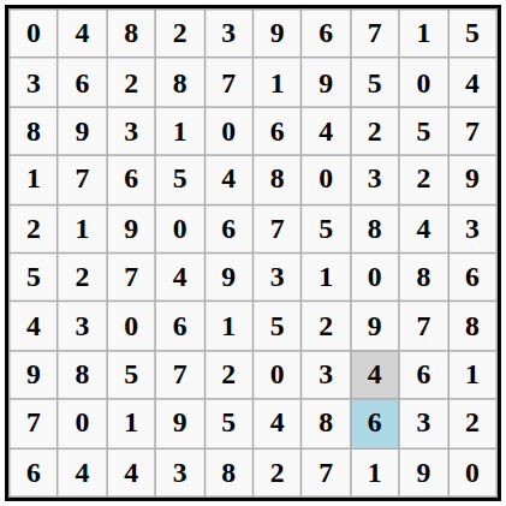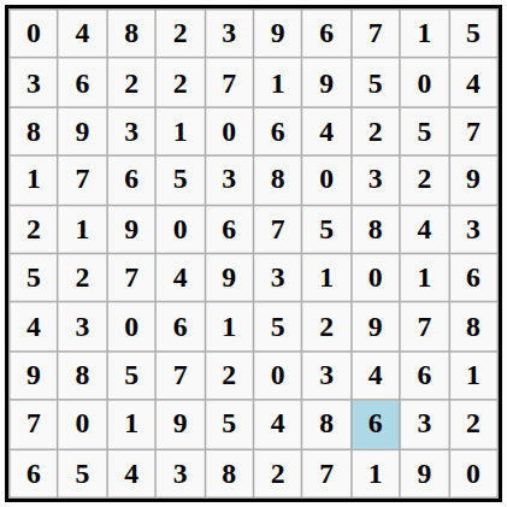 <table class="wikitable" style="text-align:center;font-weight:bold;width:275px;height:275px;outline:2px solid;">
 <tr>
 <td>0</td>
 <td>4</td>
 <td>8</td>
 <td>2</td>
 <td>3</td>
 <td>9</td>
 <td>6</td>
 <td>7</td>
 <td>1</td>
 <td>5</td>
 </tr>
 <tr>
 <td>3</td>
 <td>6</td>
 <td>2</td>
-<td>8</td>
+<td>2</td>
 <td>7</td>
 <td>1</td>
 <td>9</td>
 <td>5</td>
 <td>0</td>
 <td>4</td>
 </tr>
 <tr>
 <td>8</td>
 <td>9</td>
 <td>3</td>
 <td>1</td>
 <td>0</td>
 <td>6</td>
 <td>4</td>
 <td>2</td>
 <td>5</td>
 <td>7</td>
 </tr>
 <tr>
 <td>1</td>
 <td>7</td>
 <td>6</td>
 <td>5</td>
-<td>4</td>
+<td>3</td>
 <td>8</td>
 <td>0</td>
 <td>3</td>
 <td>2</td>
 <td>9</td>
 </tr>
 <tr>
 <td>2</td>
 <td>1</td>
 <td>9</td>
 <td>0</td>
 <td>6</td>
 <td>7</td>
 <td>5</td>
 <td>8</td>
 <td>4</td>
 <td>3</td>
 </tr>
 <tr>
 <td>5</td>
 <td>2</td>
 <td>7</td>
 <td>4</td>
 <td>9</td>
 <td>3</td>
 <td>1</td>
 <td>0</td>
-<td>8</td>
+<td>1</td>
 <td>6</td>
 </tr>
 <tr>
 <td>4</td>
 <td>3</td>
 <td>0</td>
 <td>6</td>
 <td>1</td>
 <td>5</td>
 <td>2</td>
 <td>9</td>
 <td>7</td>
 <td>8</td>
 </tr>
 <tr>
 <td>9</td>
 <td>8</td>
 <td>5</td>
 <td>7</td>
 <td>2</td>
 <td>0</td>
 <td>3</td>
-<td style="background: lightgrey;">4</td>
+<td>4</td>
 <td>6</td>
 <td>1</td>
 </tr>
 <tr>
 <td>7</td>
 <td>0</td>
 <td>1</td>
 <td>9</td>
 <td>5</td>
 <td>4</td>
 <td>8</td>
 <td style="background: lightblue;">6</td>
 <td>3</td>
 <td>2</td>
 </tr>
 <tr>
 <td>6</td>
-<td>4</td>
+<td>5</td>
 <td>4</td>
 <td>3</td>
 <td>8</td>
 <td>2</td>
 <td>7</td>
 <td>1</td>
 <td>9</td>
 <td>0</td>
 </tr>
 </table>
